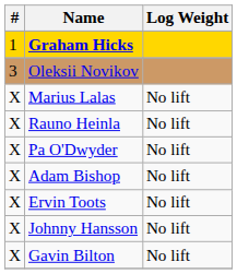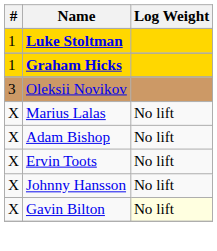 <table class="wikitable" style="display: inline-table">
 <tr>
 <th>#</th>
 <th>Name</th>
 <th>Log Weight</th>
 </tr>
 <tr>
+</tr>
+<tr style="background:gold;">
+<td>1</td>
+<td> <strong><a href='#'>Luke Stoltman</a></strong></td>
+<td></td>
 </tr>
 <tr>
 </tr>
 <tr style="background:gold;">
 <td>1</td>
 <td> <strong><a href='#'>Graham Hicks</a></strong></td>
 <td></td>
 </tr>
 <tr>
 </tr>
 <tr style="background:#c96;">
 <td>3</td>
 <td> <a href='#'>Oleksii Novikov</a></td>
 <td></td>
 </tr>
 <tr>
 <td>X</td>
 <td> <a href='#'>Marius Lalas</a></td>
 <td>No lift</td>
 </tr>
 <tr>
 <td>X</td>
-<td> <a href='#'>Rauno Heinla</a></td>
-<td>No lift</td>
-</tr>
-<tr>
-<td>X</td>
-<td> <a href='#'>Pa O'Dwyder</a></td>
-<td>No lift</td>
-</tr>
-<tr>
-<td>X</td>
 <td> <a href='#'>Adam Bishop</a></td>
 <td>No lift</td>
 </tr>
 <tr>
 <td>X</td>
 <td> <a href='#'>Ervin Toots</a></td>
 <td>No lift</td>
 </tr>
 <tr>
 <td>X</td>
 <td> <a href='#'>Johnny Hansson</a></td>
 <td>No lift</td>
 </tr>
 <tr>
 <td>X</td>
 <td> <a href='#'>Gavin Bilton</a></td>
-<td>No lift</td>
+<td style="background: lightyellow;">No lift</td>
 </tr>
 <tr>
 </tr>
 </table>
